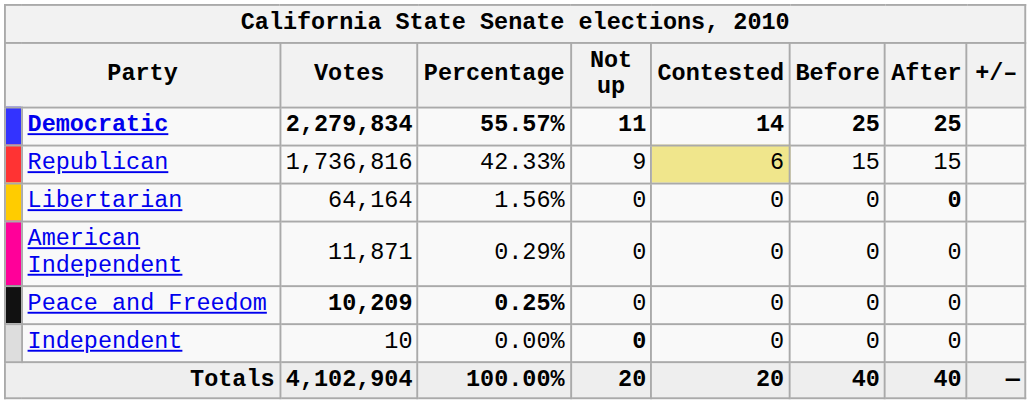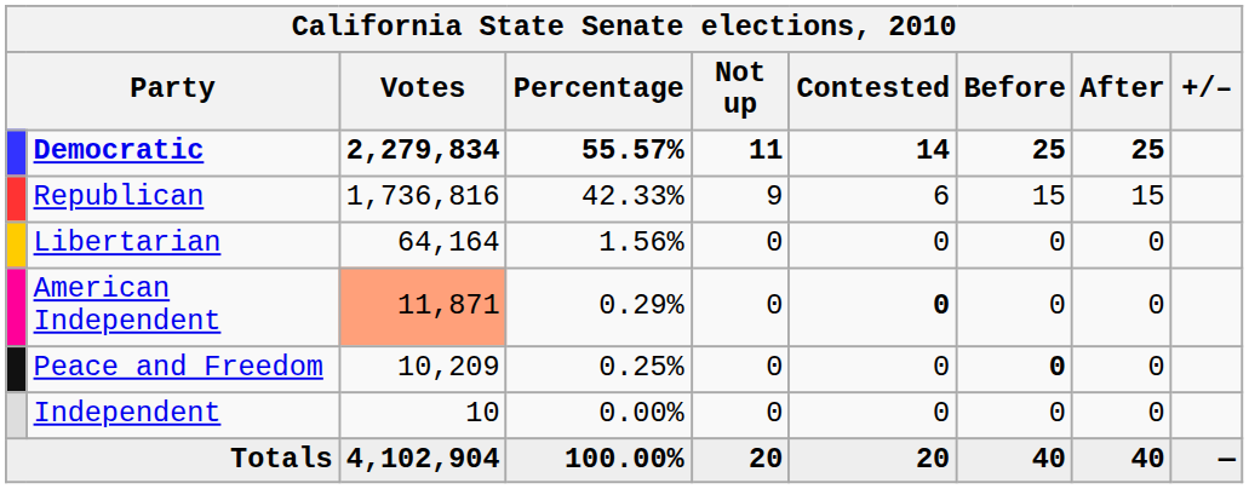 <table class="wikitable" style="font-size:95%;">
 <tr>
 <th colspan="9">California State Senate elections, 2010</th>
 </tr>
 <tr>
 <th colspan=2 style="width: 10em">Party</th>
 <th style="width: 4em">Votes</th>
 <th style="width: 5em">Percentage</th>
 <th style="width: 3em">Not up</th>
 <th style="width: 5em">Contested</th>
 <th style="width: 3em">Before</th>
 <th style="width: 1em">After</th>
 <th style="width: 2em">+/–</th>
 </tr>
 <tr>
 <th style="background-color:#3333FF; width: 3px"></th>
 <td style="width: 130px"><strong><a href='#'>Democratic</a></strong></td>
 <td align="right"><strong>2,279,834</strong></td>
 <td align="right"><strong>55.57%</strong></td>
 <td align="right"><strong>11</strong></td>
 <td align="right"><strong>14</strong></td>
 <td align="right"><strong>25</strong></td>
 <td align="right"><strong>25</strong></td>
 <td align="right"><strong></strong></td>
 </tr>
 <tr>
 <th style="background-color:#FF3333; width: 3px"></th>
 <td style="width: 130px"><a href='#'>Republican</a></td>
 <td align="right">1,736,816</td>
 <td align="right">42.33%</td>
 <td align="right">9</td>
-<td align="right" style="background: khaki;">6</td>
+<td align="right">6</td>
 <td align="right">15</td>
 <td align="right">15</td>
 <td align="right"></td>
 </tr>
 <tr>
 <th style="background-color:#FFCC00; width: 3px"></th>
 <td style="width: 130px"><a href='#'>Libertarian</a></td>
 <td align="right">64,164</td>
 <td align="right">1.56%</td>
 <td align="right">0</td>
 <td align="right">0</td>
 <td align="right">0</td>
-<td align="right"><strong>0</strong></td>
+<td align="right">0</td>
 <td align="right"></td>
 </tr>
 <tr>
 <th style="background-color:#FF0099; width: 3px"></th>
 <td style="width: 130px"><a href='#'>American Independent</a></td>
-<td align="right">11,871</td>
+<td align="right" style="background: lightsalmon;">11,871</td>
 <td align="right">0.29%</td>
 <td align="right">0</td>
-<td align="right">0</td>
+<td align="right"><strong>0</strong></td>
 <td align="right">0</td>
 <td align="right">0</td>
 <td align="right"></td>
 </tr>
 <tr>
 <th style="background-color:#111111; width: 3px"></th>
 <td style="width: 130px"><a href='#'>Peace and Freedom</a></td>
-<td align="right"><strong>10,209</strong></td>
-<td align="right"><strong>0.25%</strong></td>
+<td align="right">10,209</td>
+<td align="right">0.25%</td>
 <td align="right">0</td>
 <td align="right">0</td>
-<td align="right">0</td>
+<td align="right"><strong>0</strong></td>
 <td align="right">0</td>
 <td align="right"></td>
 </tr>
 <tr>
 <th style="background-color:#DDDDDD; width: 3px"></th>
 <td style="width: 130px"><a href='#'>Independent</a></td>
 <td align="right">10</td>
 <td align="right">0.00%</td>
-<td align="right"><strong>0</strong></td>
+<td align="right">0</td>
 <td align="right">0</td>
 <td align="right">0</td>
 <td align="right">0</td>
 <td align="right"></td>
 </tr>
 <tr bgcolor="#EEEEEE">
 <td colspan="2" align="right"><strong>Totals</strong></td>
 <td align="right"><strong>4,102,904</strong></td>
 <td align="right"><strong>100.00%</strong></td>
 <td align="right"><strong>20</strong></td>
 <td align="right"><strong>20</strong></td>
 <td align="right"><strong>40</strong></td>
 <td align="right"><strong>40</strong></td>
 <td align="right"><strong>—</strong></td>
 </tr>
 </table>
